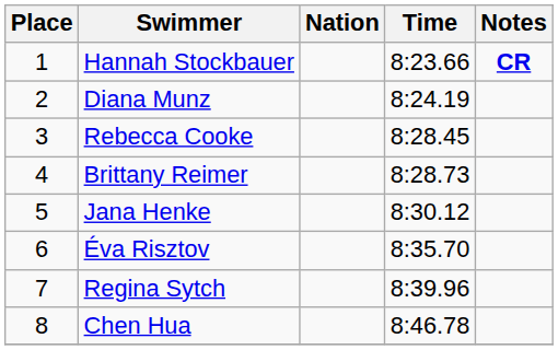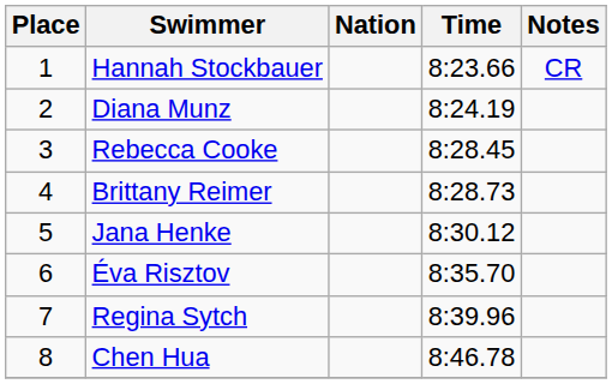 <table class="wikitable sortable" style="text-align:center">
 <tr>
 <th>Place</th>
 <th>Swimmer</th>
 <th>Nation</th>
 <th>Time</th>
 <th>Notes</th>
 </tr>
 <tr>
 <td>1</td>
 <td align=left><a href='#'>Hannah Stockbauer</a></td>
 <td align=left></td>
 <td>8:23.66</td>
-<td><strong><a href='#'>CR</a></strong></td>
+<td><a href='#'>CR</a></td>
 </tr>
 <tr>
 <td>2</td>
 <td align=left><a href='#'>Diana Munz</a></td>
 <td align=left></td>
 <td>8:24.19</td>
 <td></td>
 </tr>
 <tr>
 <td>3</td>
 <td align=left><a href='#'>Rebecca Cooke</a></td>
 <td align=left></td>
 <td>8:28.45</td>
 <td></td>
 </tr>
 <tr>
 <td>4</td>
 <td align=left><a href='#'>Brittany Reimer</a></td>
 <td align=left></td>
 <td>8:28.73</td>
 <td></td>
 </tr>
 <tr>
 <td>5</td>
 <td align=left><a href='#'>Jana Henke</a></td>
 <td align=left></td>
 <td>8:30.12</td>
 <td></td>
 </tr>
 <tr>
 <td>6</td>
 <td align=left><a href='#'>Éva Risztov</a></td>
 <td align=left></td>
 <td>8:35.70</td>
 <td></td>
 </tr>
 <tr>
 <td>7</td>
 <td align=left><a href='#'>Regina Sytch</a></td>
 <td align=left></td>
 <td>8:39.96</td>
 <td></td>
 </tr>
 <tr>
 <td>8</td>
 <td align=left><a href='#'>Chen Hua</a></td>
 <td align=left></td>
 <td>8:46.78</td>
 <td></td>
 </tr>
 <tr>
 </tr>
 </table>
